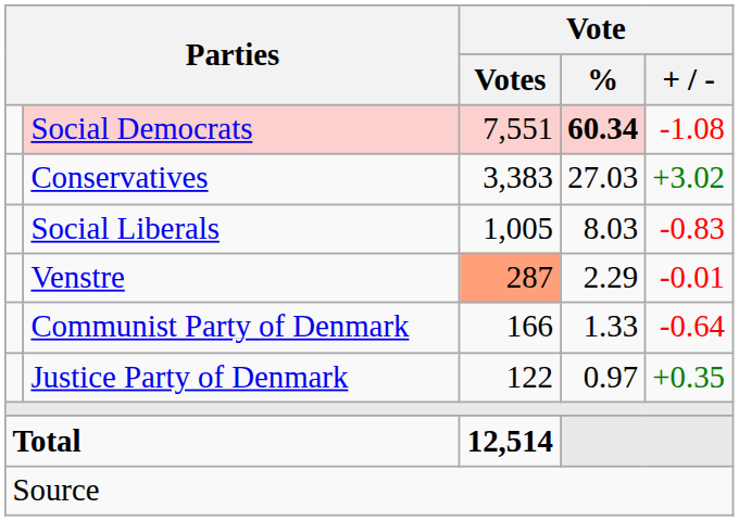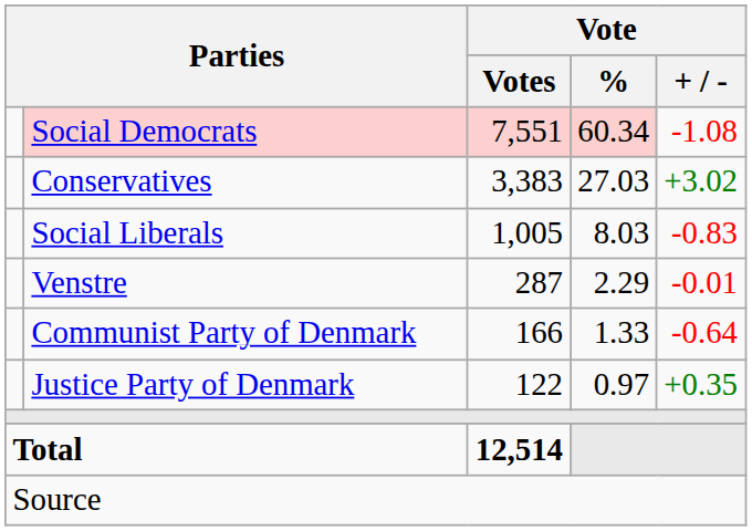 <table class="wikitable" style="text-align:right;">
 <tr>
 <th style="text-align:centre;" rowspan="2" colspan="2" width="225">Parties</th>
 <th colspan="3">Vote</th>
 </tr>
 <tr>
 <th width="15">Votes</th>
 <th width="15">%</th>
 <th width="15">+ / -</th>
 </tr>
 <tr>
 <td width="2" style="color:inherit;background:"></td>
 <td bgcolor=#fbd0ce  align="left"><a href='#'>Social Democrats</a></td>
 <td bgcolor=#fbd0ce>7,551</td>
-<td bgcolor=#fbd0ce><strong>60.34</strong></td>
+<td bgcolor=#fbd0ce>60.34</td>
 <td style=color:red;>-1.08</td>
 </tr>
 <tr>
 <td width="2" style="color:inherit;background:"></td>
 <td align="left"><a href='#'>Conservatives</a></td>
 <td>3,383</td>
 <td>27.03</td>
 <td style=color:green;>+3.02</td>
 </tr>
 <tr>
 <td width="2" style="color:inherit;background:"></td>
 <td align="left"><a href='#'>Social Liberals</a></td>
 <td>1,005</td>
 <td>8.03</td>
 <td style=color:red;>-0.83</td>
 </tr>
 <tr>
 <td width="2" style="color:inherit;background:"></td>
 <td align="left"><a href='#'>Venstre</a></td>
-<td style="background: lightsalmon;">287</td>
+<td>287</td>
 <td>2.29</td>
 <td style=color:red;>-0.01</td>
 </tr>
 <tr>
 <td width="2" style="color:inherit;background:"></td>
 <td align="left"><a href='#'>Communist Party of Denmark</a></td>
 <td>166</td>
 <td>1.33</td>
 <td style=color:red;>-0.64</td>
 </tr>
 <tr>
 <td width="2" style="color:inherit;background:"></td>
 <td align="left"><a href='#'>Justice Party of Denmark</a></td>
 <td>122</td>
 <td>0.97</td>
 <td style=color:green;>+0.35</td>
 </tr>
 <tr>
 <td colspan="7" bgcolor="#E9E9E9"></td>
 </tr>
 <tr>
 <td align="left" colspan="2"><strong>Total</strong></td>
 <td><strong>12,514</strong></td>
 <td bgcolor="#E9E9E9" colspan="2"></td>
 </tr>
 <tr>
 <td align="left" colspan="6">Source</td>
 </tr>
 </table>
